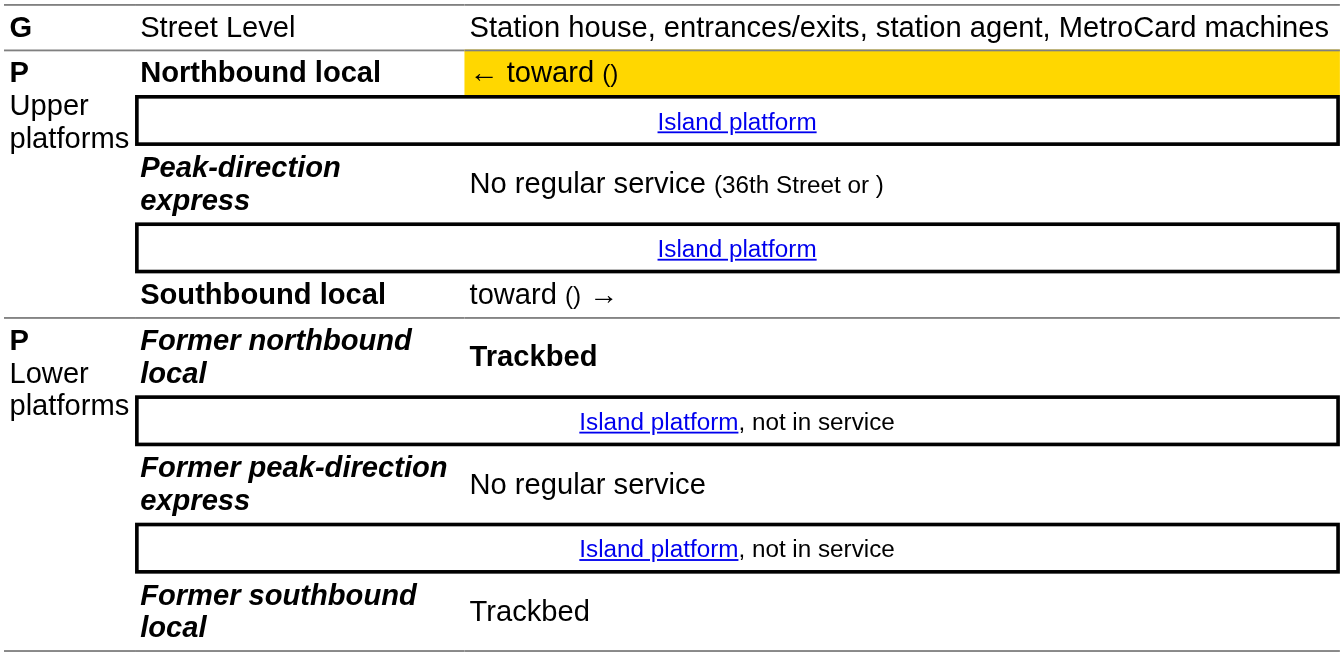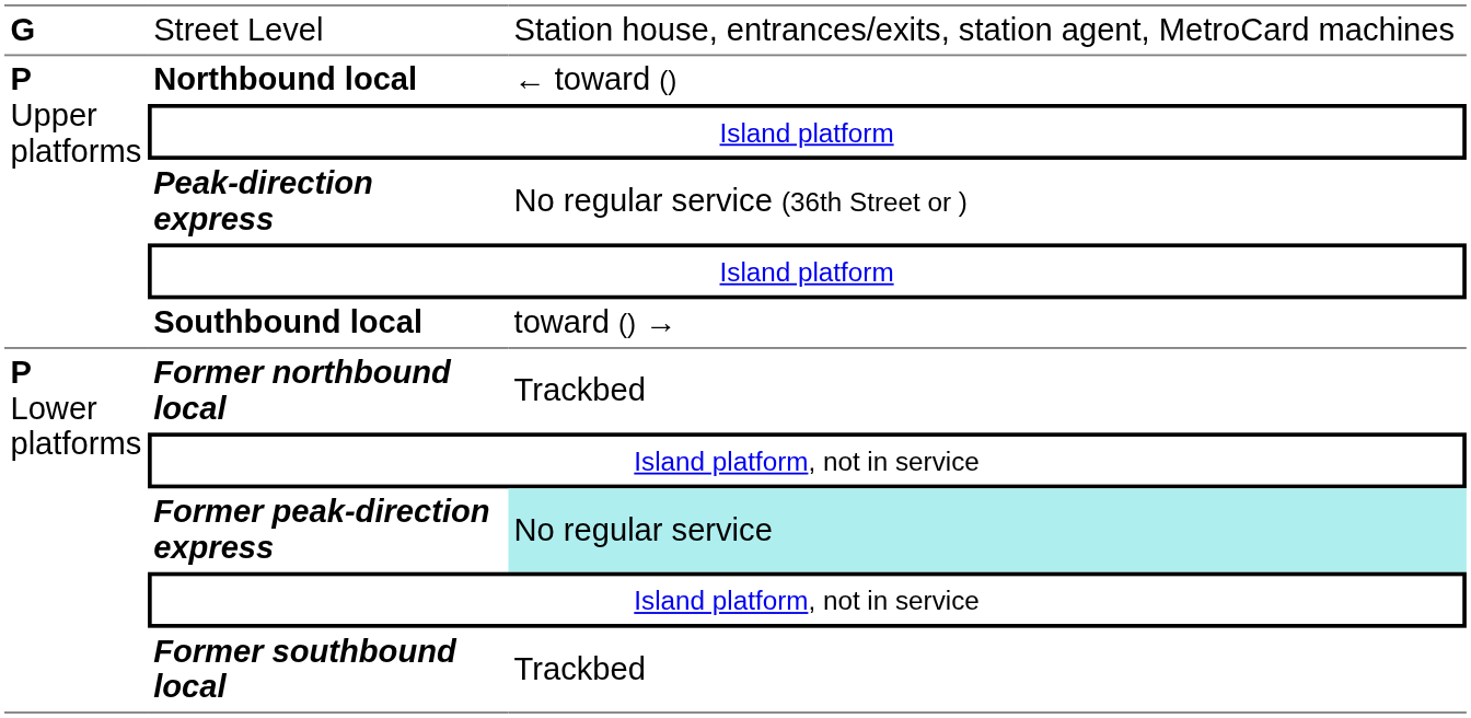 <table border=0 cellspacing=0 cellpadding=3>
 <tr>
 <td style="border-top:solid 1px gray;" width=50><strong>G</strong></td>
 <td style="border-top:solid 1px gray;" width=175>Street Level</td>
 <td style="border-top:solid 1px gray;" width=475>Station house, entrances/exits, station agent, MetroCard machines</td>
 </tr>
 <tr>
 <td style="border-top:solid 1px gray;vertical-align:top;" rowspan=5><strong>P</strong><br>Upper platforms</td>
 <td style="border-top:solid 1px gray;"><span><strong>Northbound local</strong></span></td>
-<td style="background: gold; border-top:solid 1px gray;">←  toward  <small>()</small></td>
+<td style="border-top:solid 1px gray;">←  toward  <small>()</small></td>
 </tr>
 <tr>
 <td style="border-top:solid 2px black;border-right:solid 2px black;border-left:solid 2px black;border-bottom:solid 2px black;text-align:center;" colspan=2><small><a href='#'>Island platform</a></small></td>
 </tr>
 <tr>
 <td><strong><em>Peak-direction express</em></strong></td>
 <td> No regular service <small>(36th Street or )</small></td>
 </tr>
 <tr>
 <td style="border-top:solid 2px black;border-right:solid 2px black;border-left:solid 2px black;border-bottom:solid 2px black;text-align:center;" colspan=2><small><a href='#'>Island platform</a></small></td>
 </tr>
 <tr>
 <td><span><strong>Southbound local</strong></span></td>
 <td>  toward  <small>()</small> →</td>
 </tr>
 <tr>
 <td style="border-top:solid 1px gray;border-bottom:solid 1px gray;vertical-align:top;" width=50 rowspan=5><strong>P</strong><br>Lower platforms</td>
 <td style="border-top:solid 1px gray;"><strong><em>Former northbound local</em></strong></td>
-<td style="border-top:solid 1px gray;"><strong> Trackbed</strong></td>
+<td style="border-top:solid 1px gray;"> Trackbed</td>
 </tr>
 <tr>
 <td style="border-top:solid 2px black;border-right:solid 2px black;border-left:solid 2px black;border-bottom:solid 2px black;text-align:center;" colspan=2><small><a href='#'>Island platform</a>, not in service</small></td>
 </tr>
 <tr>
 <td><strong><em>Former peak-direction express</em></strong></td>
-<td> No regular service</td>
+<td style="background: paleturquoise;"> No regular service</td>
 </tr>
 <tr>
 <td style="border-top:solid 2px black;border-right:solid 2px black;border-left:solid 2px black;border-bottom:solid 2px black;text-align:center;" colspan=2><small><a href='#'>Island platform</a>, not in service</small></td>
 </tr>
 <tr>
 <td style="border-bottom:solid 1px gray;"><strong><em>Former southbound local</em></strong></td>
 <td style="border-bottom:solid 1px gray;"> Trackbed</td>
 </tr>
 </table>
